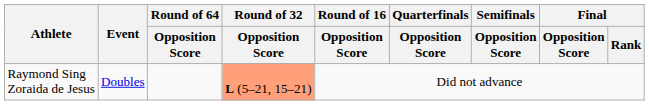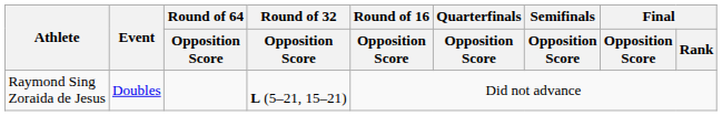 <table class=wikitable style="text-align:center; font-size:90%">
 <tr>
 <th rowspan="2">Athlete</th>
 <th rowspan="2">Event</th>
 <th>Round of 64</th>
 <th>Round of 32</th>
 <th>Round of 16</th>
 <th>Quarterfinals</th>
 <th>Semifinals</th>
 <th colspan="2">Final</th>
 </tr>
 <tr>
 <th>Opposition<br>Score</th>
 <th>Opposition<br>Score</th>
 <th>Opposition<br>Score</th>
 <th>Opposition<br>Score</th>
 <th>Opposition<br>Score</th>
 <th>Opposition<br>Score</th>
 <th>Rank</th>
 </tr>
 <tr>
 <td align="left">Raymond Sing<br>Zoraida de Jesus</td>
 <td rowspan="2"><a href='#'>Doubles</a></td>
 <td></td>
-<td style="background: lightsalmon;"><br><strong>L</strong> (5–21, 15–21)</td>
+<td><br><strong>L</strong> (5–21, 15–21)</td>
 <td colspan="5">Did not advance</td>
 </tr>
 </table>
